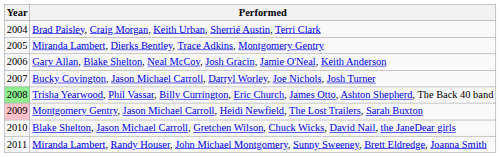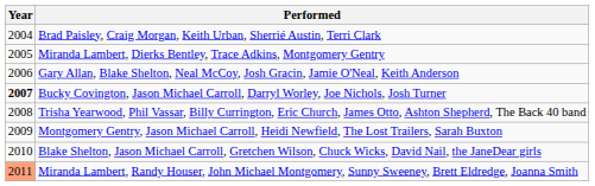 <table class="wikitable">
 <tr>
 <th>Year</th>
 <th>Performed</th>
 </tr>
 <tr>
 <td>2004</td>
 <td><a href='#'>Brad Paisley</a>, <a href='#'>Craig Morgan</a>, <a href='#'>Keith Urban</a>, <a href='#'>Sherrié Austin</a>, <a href='#'>Terri Clark</a></td>
 </tr>
 <tr>
 <td>2005</td>
 <td><a href='#'>Miranda Lambert</a>, <a href='#'>Dierks Bentley</a>, <a href='#'>Trace Adkins</a>, <a href='#'>Montgomery Gentry</a></td>
 </tr>
 <tr>
 <td>2006</td>
 <td><a href='#'>Gary Allan</a>, <a href='#'>Blake Shelton</a>, <a href='#'>Neal McCoy</a>, <a href='#'>Josh Gracin</a>, <a href='#'>Jamie O'Neal</a>, <a href='#'>Keith Anderson</a></td>
 </tr>
 <tr>
-<td>2007</td>
+<td><strong>2007</strong></td>
 <td><a href='#'>Bucky Covington</a>, <a href='#'>Jason Michael Carroll</a>, <a href='#'>Darryl Worley</a>, <a href='#'>Joe Nichols</a>, <a href='#'>Josh Turner</a></td>
 </tr>
 <tr>
-<td style="background: lightgreen;">2008</td>
+<td>2008</td>
 <td><a href='#'>Trisha Yearwood</a>, <a href='#'>Phil Vassar</a>, <a href='#'>Billy Currington</a>, <a href='#'>Eric Church</a>, <a href='#'>James Otto</a>, <a href='#'>Ashton Shepherd</a>, The Back 40 band</td>
 </tr>
 <tr>
-<td style="background: pink;">2009</td>
+<td>2009</td>
 <td><a href='#'>Montgomery Gentry</a>, <a href='#'>Jason Michael Carroll</a>, <a href='#'>Heidi Newfield</a>, <a href='#'>The Lost Trailers</a>, <a href='#'>Sarah Buxton</a></td>
 </tr>
 <tr>
 <td>2010</td>
 <td><a href='#'>Blake Shelton</a>, <a href='#'>Jason Michael Carroll</a>, <a href='#'>Gretchen Wilson</a>, <a href='#'>Chuck Wicks</a>, <a href='#'>David Nail</a>, <a href='#'>the JaneDear girls</a></td>
 </tr>
 <tr>
-<td>2011</td>
+<td style="background: lightsalmon;">2011</td>
 <td><a href='#'>Miranda Lambert</a>, <a href='#'>Randy Houser</a>, <a href='#'>John Michael Montgomery</a>, <a href='#'>Sunny Sweeney</a>, <a href='#'>Brett Eldredge</a>, <a href='#'>Joanna Smith</a></td>
 </tr>
 </table>
